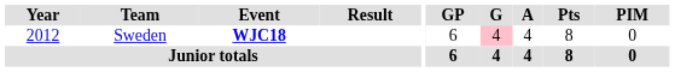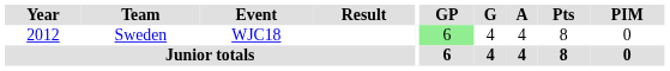 <table border="0" cellpadding="1" cellspacing="0" ID="Table3" style="text-align:center; width:40em">
 <tr ALIGN="center" bgcolor="#e0e0e0">
 <th>Year</th>
 <th>Team</th>
 <th>Event</th>
 <th>Result</th>
 <th rowspan="99" bgcolor="#ffffff"></th>
 <th>GP</th>
 <th>G</th>
 <th>A</th>
 <th>Pts</th>
 <th>PIM</th>
 </tr>
 <tr>
 <td><a href='#'>2012</a></td>
 <td><a href='#'>Sweden</a></td>
-<td><strong><a href='#'>WJC18</a></strong></td>
+<td><a href='#'>WJC18</a></td>
 <td></td>
-<td>6</td>
-<td style="background: pink;">4</td>
+<td style="background: lightgreen;">6</td>
+<td>4</td>
 <td>4</td>
 <td>8</td>
 <td>0</td>
 </tr>
 <tr bgcolor="#e0e0e0">
 <th colspan="4">Junior totals</th>
 <th>6</th>
 <th>4</th>
 <th>4</th>
 <th>8</th>
 <th>0</th>
 </tr>
 </table>
